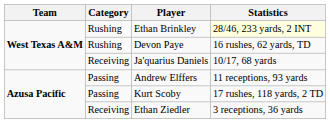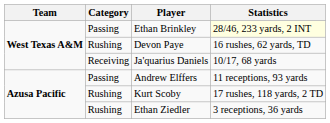 <table class="wikitable" style="float: left;">
 <tr>
 <th>Team</th>
 <th>Category</th>
 <th>Player</th>
 <th>Statistics</th>
 </tr>
 <tr>
 <td rowspan=3><strong>West Texas A&M</strong></td>
-<td>Rushing</td>
+<td>Passing</td>
 <td>Ethan Brinkley</td>
 <td style="background: lightyellow;">28/46, 233 yards, 2 INT</td>
 </tr>
 <tr>
 <td>Rushing</td>
 <td>Devon Paye</td>
 <td>16 rushes, 62 yards, TD</td>
 </tr>
 <tr>
 <td>Receiving</td>
 <td>Ja'quarius Daniels</td>
 <td>10/17, 68 yards</td>
 </tr>
 <tr>
 <td rowspan=3><strong>Azusa Pacific</strong></td>
 <td>Passing</td>
 <td>Andrew Elffers</td>
 <td>11 receptions, 93 yards</td>
 </tr>
 <tr>
-<td>Passing</td>
+<td>Rushing</td>
 <td>Kurt Scoby</td>
 <td>17 rushes, 118 yards, 2 TD</td>
 </tr>
 <tr>
-<td>Receiving</td>
+<td>Rushing</td>
 <td>Ethan Ziedler</td>
 <td>3 receptions, 36 yards</td>
 </tr>
 </table>
